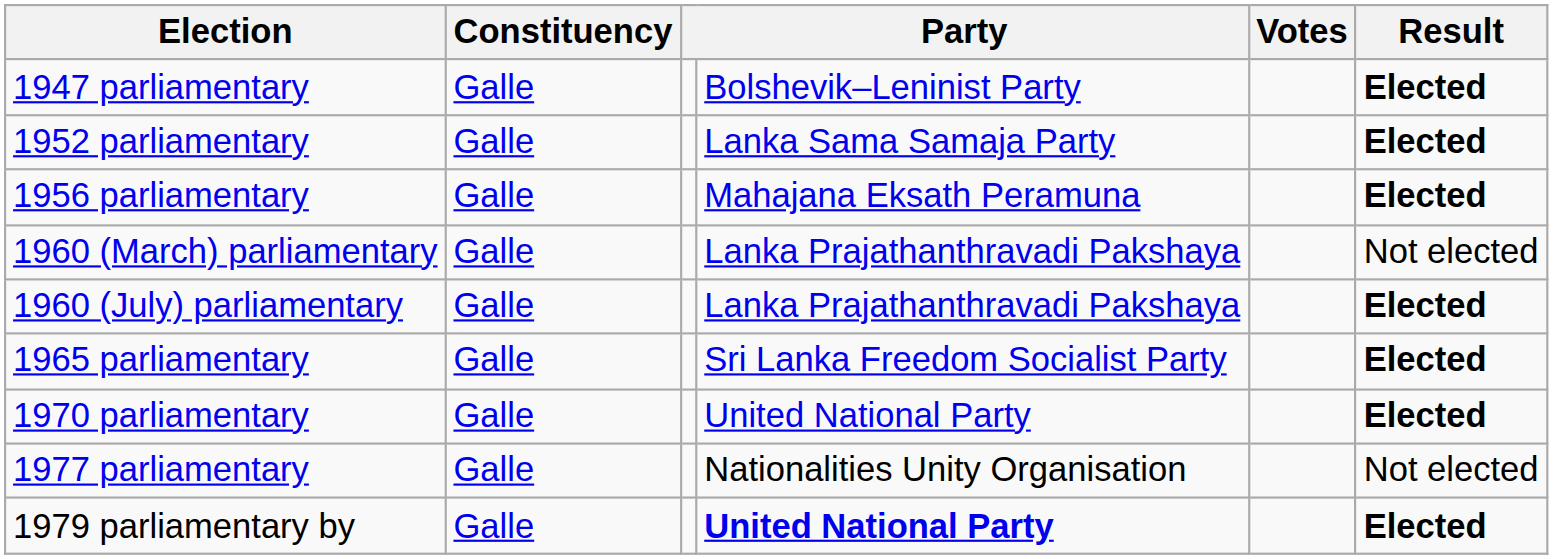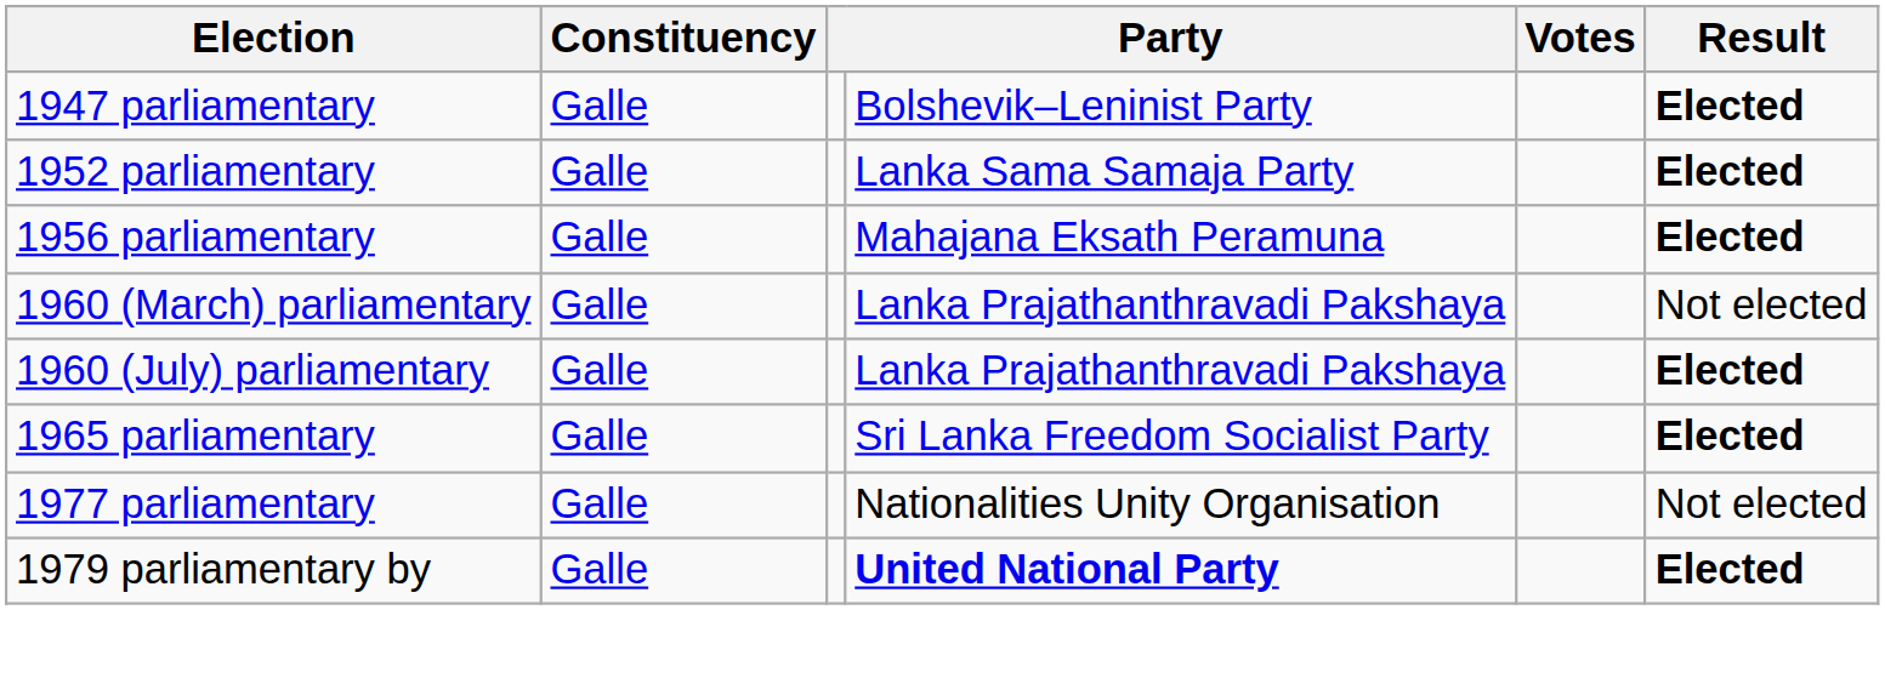 <table class="wikitable" style="text-align:left;">
 <tr>
 <th scope=col>Election</th>
 <th scope=col>Constituency</th>
 <th scope=col colspan="2">Party</th>
 <th scope=col>Votes</th>
 <th scope=col>Result</th>
 </tr>
 <tr>
 <td><a href='#'>1947 parliamentary</a></td>
 <td><a href='#'>Galle</a></td>
 <td style="background:"></td>
 <td><a href='#'>Bolshevik–Leninist Party</a></td>
 <td align=right></td>
 <td><strong>Elected</strong></td>
 </tr>
 <tr>
 <td><a href='#'>1952 parliamentary</a></td>
 <td><a href='#'>Galle</a></td>
 <td style="background:"></td>
 <td><a href='#'>Lanka Sama Samaja Party</a></td>
 <td align=right></td>
 <td><strong>Elected</strong></td>
 </tr>
 <tr>
 <td><a href='#'>1956 parliamentary</a></td>
 <td><a href='#'>Galle</a></td>
 <td style="background:"></td>
 <td><a href='#'>Mahajana Eksath Peramuna</a></td>
 <td align=right></td>
 <td><strong>Elected</strong></td>
 </tr>
 <tr>
 <td><a href='#'>1960 (March) parliamentary</a></td>
 <td><a href='#'>Galle</a></td>
 <td style="background:"></td>
 <td><a href='#'>Lanka Prajathanthravadi Pakshaya</a></td>
 <td align=right></td>
 <td>Not elected</td>
 </tr>
 <tr>
 <td><a href='#'>1960 (July) parliamentary</a></td>
 <td><a href='#'>Galle</a></td>
 <td style="background:"></td>
 <td><a href='#'>Lanka Prajathanthravadi Pakshaya</a></td>
 <td align=right></td>
 <td><strong>Elected</strong></td>
 </tr>
 <tr>
 <td><a href='#'>1965 parliamentary</a></td>
 <td><a href='#'>Galle</a></td>
 <td style="background:"></td>
 <td><a href='#'>Sri Lanka Freedom Socialist Party</a></td>
 <td align=right></td>
 <td><strong>Elected</strong></td>
 </tr>
 <tr>
-<td><a href='#'>1970 parliamentary</a></td>
-<td><a href='#'>Galle</a></td>
-<td style="background:"></td>
-<td><a href='#'>United National Party</a></td>
-<td align=right></td>
-<td><strong>Elected</strong></td>
-</tr>
-<tr>
 <td><a href='#'>1977 parliamentary</a></td>
 <td><a href='#'>Galle</a></td>
 <td></td>
 <td>Nationalities Unity Organisation</td>
 <td align=right></td>
 <td>Not elected</td>
 </tr>
 <tr>
 <td>1979 parliamentary by</td>
 <td><a href='#'>Galle</a></td>
 <td style="background:"></td>
 <td><strong><a href='#'>United National Party</a></strong></td>
 <td align=right></td>
 <td><strong>Elected</strong></td>
 </tr>
 </table>
